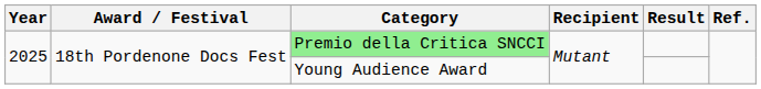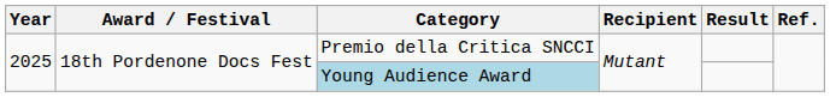 <table class="wikitable">
 <tr>
 <th>Year</th>
 <th>Award / Festival</th>
 <th>Category</th>
 <th>Recipient</th>
 <th>Result</th>
 <th>Ref.</th>
 </tr>
 <tr>
 <td rowspan="2">2025</td>
 <td rowspan="2">18th Pordenone Docs Fest</td>
-<td style="background: lightgreen;">Premio della Critica SNCCI</td>
+<td>Premio della Critica SNCCI</td>
 <td rowspan="2"><em>Mutant</em></td>
 <td></td>
 <td rowspan="2"></td>
 </tr>
 <tr>
-<td>Young Audience Award</td>
+<td style="background: lightblue;">Young Audience Award</td>
 <td></td>
 </tr>
 </table>
